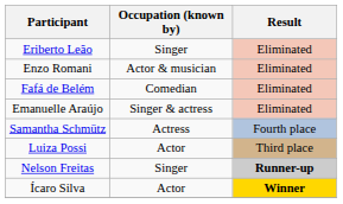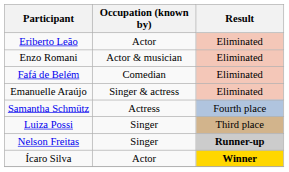 <table class= "wikitable sortable" style="text-align: center; margin:auto; align: center">
 <tr>
 <th width=125>Participant</th>
 <th width=150>Occupation (known by)</th>
 <th width=125>Result</th>
 </tr>
 <tr>
 <td><a href='#'>Eriberto Leão</a></td>
-<td>Singer</td>
+<td>Actor</td>
 <td bgcolor=F4C7B8>Eliminated<br></td>
 </tr>
 <tr>
 <td>Enzo Romani</td>
 <td>Actor & musician</td>
 <td bgcolor=F4C7B8>Eliminated<br></td>
 </tr>
 <tr>
 <td><a href='#'>Fafá de Belém</a></td>
 <td>Comedian</td>
 <td bgcolor=F4C7B8>Eliminated<br></td>
 </tr>
 <tr>
 <td>Emanuelle Araújo</td>
 <td>Singer & actress</td>
 <td bgcolor=F4C7B8>Eliminated<br></td>
 </tr>
 <tr>
 <td><a href='#'>Samantha Schmütz</a></td>
 <td>Actress</td>
 <td bgcolor=B0C4DE>Fourth place<br></td>
 </tr>
 <tr>
 <td><a href='#'>Luiza Possi</a></td>
-<td>Actor</td>
+<td>Singer</td>
 <td bgcolor=D2B48C>Third place<br></td>
 </tr>
 <tr>
 <td><a href='#'>Nelson Freitas</a></td>
 <td>Singer</td>
 <td bgcolor=CCCCCC><strong>Runner-up<br></strong></td>
 </tr>
 <tr>
 <td>Ícaro Silva</td>
 <td>Actor</td>
 <td bgcolor=FFD700><strong>Winner</strong><br></td>
 </tr>
 <tr>
 </tr>
 </table>
